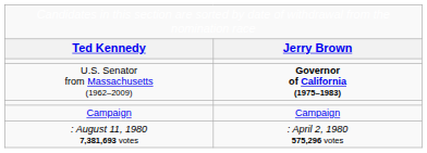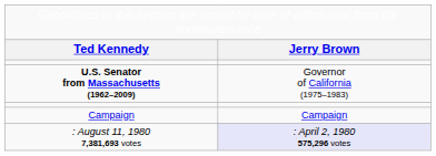 <table class="wikitable" style="font-size:90%">
 <tr>
 <td colspan="9" style="text-align:center; width:600px; font-size:120%; color:white; background:"><em>Candidates in this section are sorted by date of withdrawal from the nomination race</em></td>
 </tr>
 <tr>
 <th scope="col" style="width:10em; font-size:120%;"><a href='#'>Ted Kennedy</a></th>
 <th scope="col" style="width:10em; font-size:120%;"><a href='#'>Jerry Brown</a></th>
 </tr>
 <tr>
 <td></td>
 <td></td>
 </tr>
 <tr style="text-align:center">
-<td>U.S. Senator<br>from <a href='#'>Massachusetts</a><br><small>(1962–2009)</small></td>
-<td><strong>Governor<br>of <a href='#'>California</a><br><small>(1975–1983)</small></strong></td>
+<td><strong>U.S. Senator<br>from <a href='#'>Massachusetts</a><br><small>(1962–2009)</small></strong></td>
+<td>Governor<br>of <a href='#'>California</a><br><small>(1975–1983)</small></td>
 </tr>
 <tr style="text-align:center">
 <td></td>
 <td></td>
 </tr>
 <tr style="text-align:center">
 <td><a href='#'>Campaign</a></td>
 <td><a href='#'>Campaign</a></td>
 </tr>
 <tr style="text-align:center">
 <td><em>: August 11, 1980</em><br><small><strong>7,381,693</strong> votes</small></td>
-<td><em>: April 2, 1980</em><br><small><strong>575,296</strong> votes</small></td>
+<td style="background: lavender;"><em>: April 2, 1980</em><br><small><strong>575,296</strong> votes</small></td>
 </tr>
 </table>
